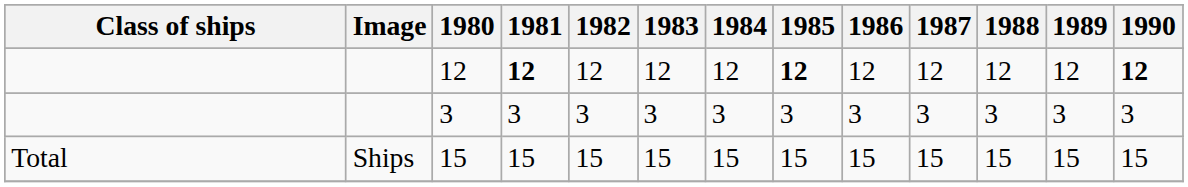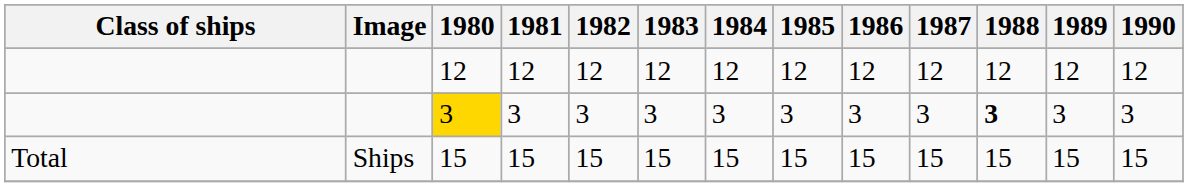 <table class="wikitable sortable collapsible collapsed">
 <tr>
 <th style="width:29%;">Class of ships</th>
 <th>Image</th>
 <th>1980</th>
 <th>1981</th>
 <th>1982</th>
 <th>1983</th>
 <th>1984</th>
 <th>1985</th>
 <th>1986</th>
 <th>1987</th>
 <th>1988</th>
 <th>1989</th>
 <th>1990</th>
 </tr>
 <tr valign="top">
 <td></td>
 <td></td>
 <td>12</td>
-<td><strong>12</strong></td>
-<td>12</td>
-<td>12</td>
-<td>12</td>
-<td><strong>12</strong></td>
 <td>12</td>
 <td>12</td>
 <td>12</td>
 <td>12</td>
-<td><strong>12</strong></td>
+<td>12</td>
+<td>12</td>
+<td>12</td>
+<td>12</td>
+<td>12</td>
+<td>12</td>
 </tr>
 <tr valign="top">
 <td></td>
 <td></td>
+<td style="background: gold;">3</td>
 <td>3</td>
 <td>3</td>
 <td>3</td>
 <td>3</td>
 <td>3</td>
 <td>3</td>
 <td>3</td>
-<td>3</td>
-<td>3</td>
+<td><strong>3</strong></td>
 <td>3</td>
 <td>3</td>
 </tr>
 <tr valign="top">
 <td>Total</td>
 <td>Ships</td>
 <td>15</td>
 <td>15</td>
 <td>15</td>
 <td>15</td>
 <td>15</td>
 <td>15</td>
 <td>15</td>
 <td>15</td>
 <td>15</td>
 <td>15</td>
 <td>15</td>
 </tr>
 <tr>
 </tr>
 </table>
